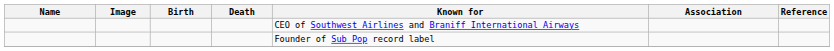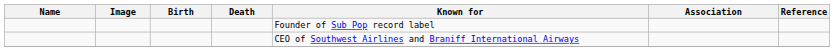 <table class="wikitable sortable">
 <tr>
 <th scope="col" width="140">Name</th>
 <th scope="col" width="80" class="unsortable">Image</th>
 <th scope="col" width="90">Birth</th>
 <th scope="col" width="90">Death</th>
 <th scope="col" width="600" class="unsortable">Known for</th>
 <th scope="col" width="200" class="unsortable">Association</th>
 <th scope="col" width="30" class="unsortable">Reference</th>
 </tr>
 <tr>
 <td></td>
 <td></td>
 <td align=right></td>
 <td></td>
-<td>CEO of <a href='#'>Southwest Airlines</a> and <a href='#'>Braniff International Airways</a></td>
+<td>Founder of <a href='#'>Sub Pop</a> record label</td>
 <td></td>
 <td align="center"></td>
 </tr>
 <tr>
 <td></td>
 <td></td>
 <td align=right></td>
 <td></td>
-<td>Founder of <a href='#'>Sub Pop</a> record label</td>
+<td>CEO of <a href='#'>Southwest Airlines</a> and <a href='#'>Braniff International Airways</a></td>
 <td></td>
 <td align="center"></td>
 </tr>
 <tr>
 </tr>
 </table>
